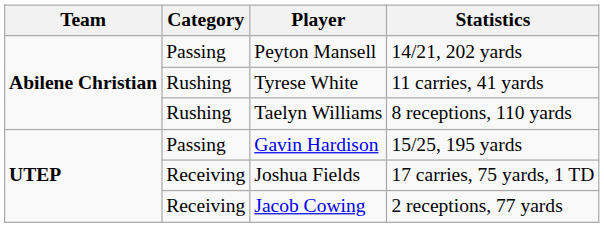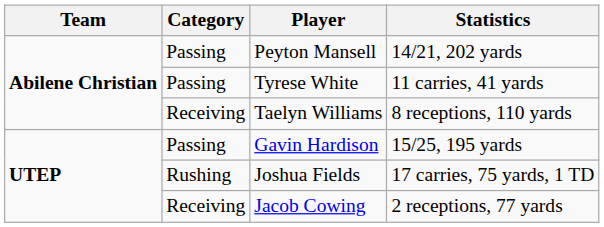 <table class="wikitable" style="float: left;">
 <tr>
 <th>Team</th>
 <th>Category</th>
 <th>Player</th>
 <th>Statistics</th>
 </tr>
 <tr>
 <td rowspan=3><strong>Abilene Christian</strong></td>
 <td>Passing</td>
 <td>Peyton Mansell</td>
 <td>14/21, 202 yards</td>
 </tr>
 <tr>
-<td>Rushing</td>
+<td>Passing</td>
 <td>Tyrese White</td>
 <td>11 carries, 41 yards</td>
 </tr>
 <tr>
-<td>Rushing</td>
+<td>Receiving</td>
 <td>Taelyn Williams</td>
 <td>8 receptions, 110 yards</td>
 </tr>
 <tr>
 <td rowspan=3><strong>UTEP</strong></td>
 <td>Passing</td>
 <td><a href='#'>Gavin Hardison</a></td>
 <td>15/25, 195 yards</td>
 </tr>
 <tr>
-<td>Receiving</td>
+<td>Rushing</td>
 <td>Joshua Fields</td>
 <td>17 carries, 75 yards, 1 TD</td>
 </tr>
 <tr>
 <td>Receiving</td>
 <td><a href='#'>Jacob Cowing</a></td>
 <td>2 receptions, 77 yards</td>
 </tr>
 </table>
